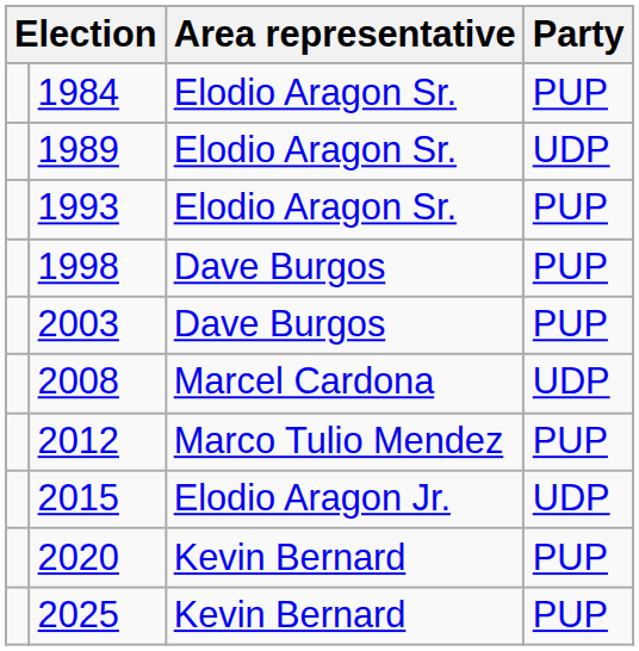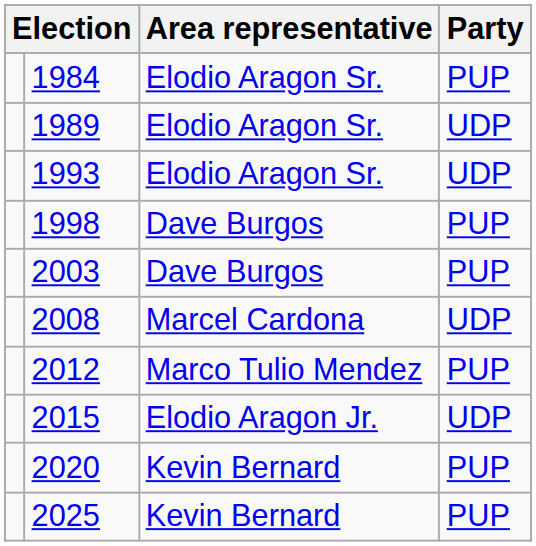 <table class="wikitable">
 <tr>
 <th colspan="2">Election</th>
 <th>Area representative</th>
 <th>Party</th>
 </tr>
 <tr>
 <td style="background-color: "></td>
 <td><a href='#'>1984</a></td>
 <td><a href='#'>Elodio Aragon Sr.</a></td>
 <td><a href='#'>PUP</a></td>
 </tr>
 <tr>
 <td style="background-color: "></td>
 <td><a href='#'>1989</a></td>
 <td><a href='#'>Elodio Aragon Sr.</a></td>
 <td><a href='#'>UDP</a></td>
 </tr>
 <tr>
 <td style="background-color: "></td>
 <td><a href='#'>1993</a></td>
 <td><a href='#'>Elodio Aragon Sr.</a></td>
-<td><a href='#'>PUP</a></td>
+<td><a href='#'>UDP</a></td>
 </tr>
 <tr>
 <td style="background-color: "></td>
 <td><a href='#'>1998</a></td>
 <td><a href='#'>Dave Burgos</a></td>
 <td><a href='#'>PUP</a></td>
 </tr>
 <tr>
 <td style="background-color: "></td>
 <td><a href='#'>2003</a></td>
 <td><a href='#'>Dave Burgos</a></td>
 <td><a href='#'>PUP</a></td>
 </tr>
 <tr>
 <td style="background-color: "></td>
 <td><a href='#'>2008</a></td>
 <td><a href='#'>Marcel Cardona</a></td>
 <td><a href='#'>UDP</a></td>
 </tr>
 <tr>
 <td style="background-color: "></td>
 <td><a href='#'>2012</a></td>
 <td><a href='#'>Marco Tulio Mendez</a></td>
 <td><a href='#'>PUP</a></td>
 </tr>
 <tr>
 <td style="background-color: "></td>
 <td><a href='#'>2015</a></td>
 <td><a href='#'>Elodio Aragon Jr.</a></td>
 <td><a href='#'>UDP</a></td>
 </tr>
 <tr>
 <td style="background-color: "></td>
 <td><a href='#'>2020</a></td>
 <td><a href='#'>Kevin Bernard</a></td>
 <td><a href='#'>PUP</a></td>
 </tr>
 <tr>
 <td style="background-color: "></td>
 <td><a href='#'>2025</a></td>
 <td><a href='#'>Kevin Bernard</a></td>
 <td><a href='#'>PUP</a></td>
 </tr>
 </table>
